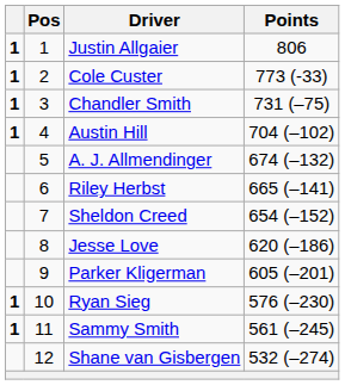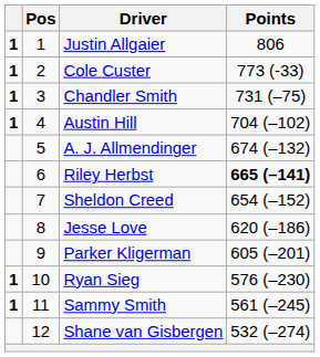 <table class="wikitable" style="font-size: 95%;">
 <tr>
 <th></th>
 <th>Pos</th>
 <th>Driver</th>
 <th>Points</th>
 </tr>
 <tr>
 <td align="left"> <strong>1</strong></td>
 <td style="text-align:center;">1</td>
 <td><a href='#'>Justin Allgaier</a></td>
 <td style="text-align:center;">806</td>
 </tr>
 <tr>
 <td align="left"> <strong>1</strong></td>
 <td style="text-align:center;">2</td>
 <td><a href='#'>Cole Custer</a></td>
 <td style="text-align:center;">773 (-33)</td>
 </tr>
 <tr>
 <td align="left"> <strong>1</strong></td>
 <td style="text-align:center;">3</td>
 <td><a href='#'>Chandler Smith</a></td>
 <td style="text-align:center;">731 (–75)</td>
 </tr>
 <tr>
 <td align="left"> <strong>1</strong></td>
 <td style="text-align:center;">4</td>
 <td><a href='#'>Austin Hill</a></td>
 <td style="text-align:center;">704 (–102)</td>
 </tr>
 <tr>
 <td align="left"></td>
 <td style="text-align:center;">5</td>
 <td><a href='#'>A. J. Allmendinger</a></td>
 <td style="text-align:center;">674 (–132)</td>
 </tr>
 <tr>
 <td align="left"></td>
 <td style="text-align:center;">6</td>
 <td><a href='#'>Riley Herbst</a></td>
-<td style="text-align:center;">665 (–141)</td>
+<td style="text-align:center;"><strong>665 (–141)</strong></td>
 </tr>
 <tr>
 <td align="left"></td>
 <td style="text-align:center;">7</td>
 <td><a href='#'>Sheldon Creed</a></td>
 <td style="text-align:center;">654 (–152)</td>
 </tr>
 <tr>
 <td align="left"></td>
 <td style="text-align:center;">8</td>
 <td><a href='#'>Jesse Love</a></td>
 <td style="text-align:center;">620 (–186)</td>
 </tr>
 <tr>
 <td align="left"></td>
 <td style="text-align:center;">9</td>
 <td><a href='#'>Parker Kligerman</a></td>
 <td style="text-align:center;">605 (–201)</td>
 </tr>
 <tr>
 <td align="left"> <strong>1</strong></td>
 <td style="text-align:center;">10</td>
 <td><a href='#'>Ryan Sieg</a></td>
 <td style="text-align:center;">576 (–230)</td>
 </tr>
 <tr>
 <td align="left"> <strong>1</strong></td>
 <td style="text-align:center;">11</td>
 <td><a href='#'>Sammy Smith</a></td>
 <td style="text-align:center;">561 (–245)</td>
 </tr>
 <tr>
 <td align="left"></td>
 <td style="text-align:center;">12</td>
 <td><a href='#'>Shane van Gisbergen</a></td>
 <td style="text-align:center;">532 (–274)</td>
 </tr>
 <tr class="sortbottom">
 <th colspan="9"></th>
 </tr>
 </table>
